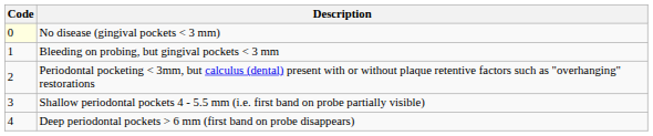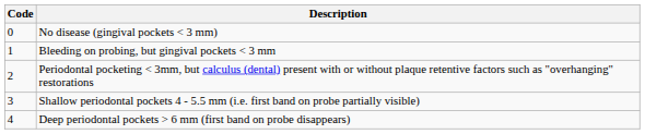 <table class="wikitable">
 <tr>
 <th>Code</th>
 <th>Description</th>
 </tr>
 <tr>
-<td style="background: lightyellow;">0</td>
+<td>0</td>
 <td>No disease (gingival pockets < 3 mm)</td>
 </tr>
 <tr>
 <td>1</td>
 <td>Bleeding on probing, but gingival pockets < 3 mm</td>
 </tr>
 <tr>
 <td>2</td>
 <td>Periodontal pocketing < 3mm, but <a href='#'>calculus (dental)</a> present with or without plaque retentive factors such as "overhanging" restorations</td>
 </tr>
 <tr>
 <td>3</td>
 <td>Shallow periodontal pockets 4 - 5.5 mm (i.e. first band on probe partially visible)</td>
 </tr>
 <tr>
 <td>4</td>
 <td>Deep periodontal pockets > 6 mm (first band on probe disappears)</td>
 </tr>
 </table>
